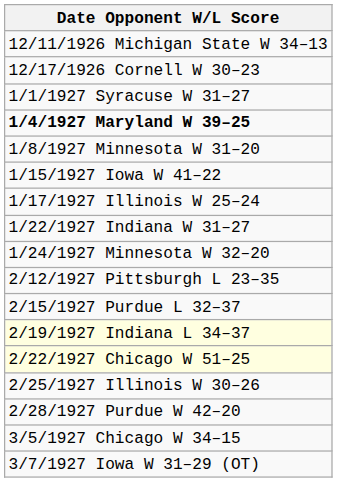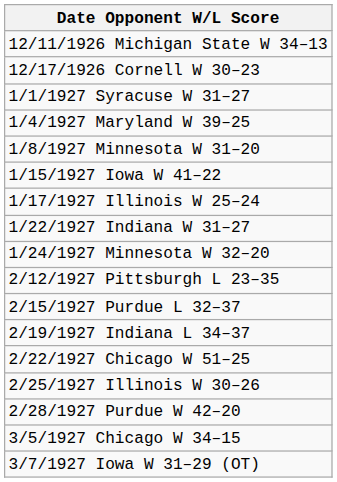 <table class="wikitable">
 <tr>
 <th>Date Opponent W/L Score</th>
 </tr>
 <tr>
 <td>12/11/1926  Michigan State W 34–13</td>
 </tr>
 <tr>
 <td>12/17/1926  Cornell W 30–23</td>
 </tr>
 <tr>
 <td>1/1/1927     Syracuse W 31–27</td>
 </tr>
 <tr>
-<td><strong>1/4/1927     Maryland W 39–25</strong></td>
+<td>1/4/1927     Maryland W 39–25</td>
 </tr>
 <tr>
 <td>1/8/1927     Minnesota W 31–20</td>
 </tr>
 <tr>
 <td>1/15/1927   Iowa W 41–22</td>
 </tr>
 <tr>
 <td>1/17/1927   Illinois W 25–24</td>
 </tr>
 <tr>
 <td>1/22/1927   Indiana W 31–27</td>
 </tr>
 <tr>
 <td>1/24/1927  Minnesota W 32–20</td>
 </tr>
 <tr>
 <td>2/12/1927  Pittsburgh L 23–35</td>
 </tr>
 <tr>
 <td>2/15/1927  Purdue L 32–37</td>
 </tr>
 <tr>
-<td style="background: lightyellow;">2/19/1927  Indiana L 34–37</td>
+<td>2/19/1927  Indiana L 34–37</td>
 </tr>
 <tr>
-<td style="background: lightyellow;">2/22/1927  Chicago W 51–25</td>
+<td>2/22/1927  Chicago W 51–25</td>
 </tr>
 <tr>
 <td>2/25/1927  Illinois W 30–26</td>
 </tr>
 <tr>
 <td>2/28/1927  Purdue W 42–20</td>
 </tr>
 <tr>
 <td>3/5/1927   Chicago W 34–15</td>
 </tr>
 <tr>
 <td>3/7/1927   Iowa W 31–29 (OT)</td>
 </tr>
 </table>
